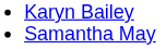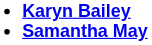 <table>
 <tr>
 <td><strong></strong></td>
 </tr>
 <tr style="vertical-align:top">
-<td><br><ul><li><a href='#'>Karyn Bailey</a></li><li><a href='#'>Samantha May</a></li></ul></td>
+<td><strong><br><ul><li><a href='#'>Karyn Bailey</a></li><li><a href='#'>Samantha May</a></li></ul></strong></td>
 </tr>
 </table>
